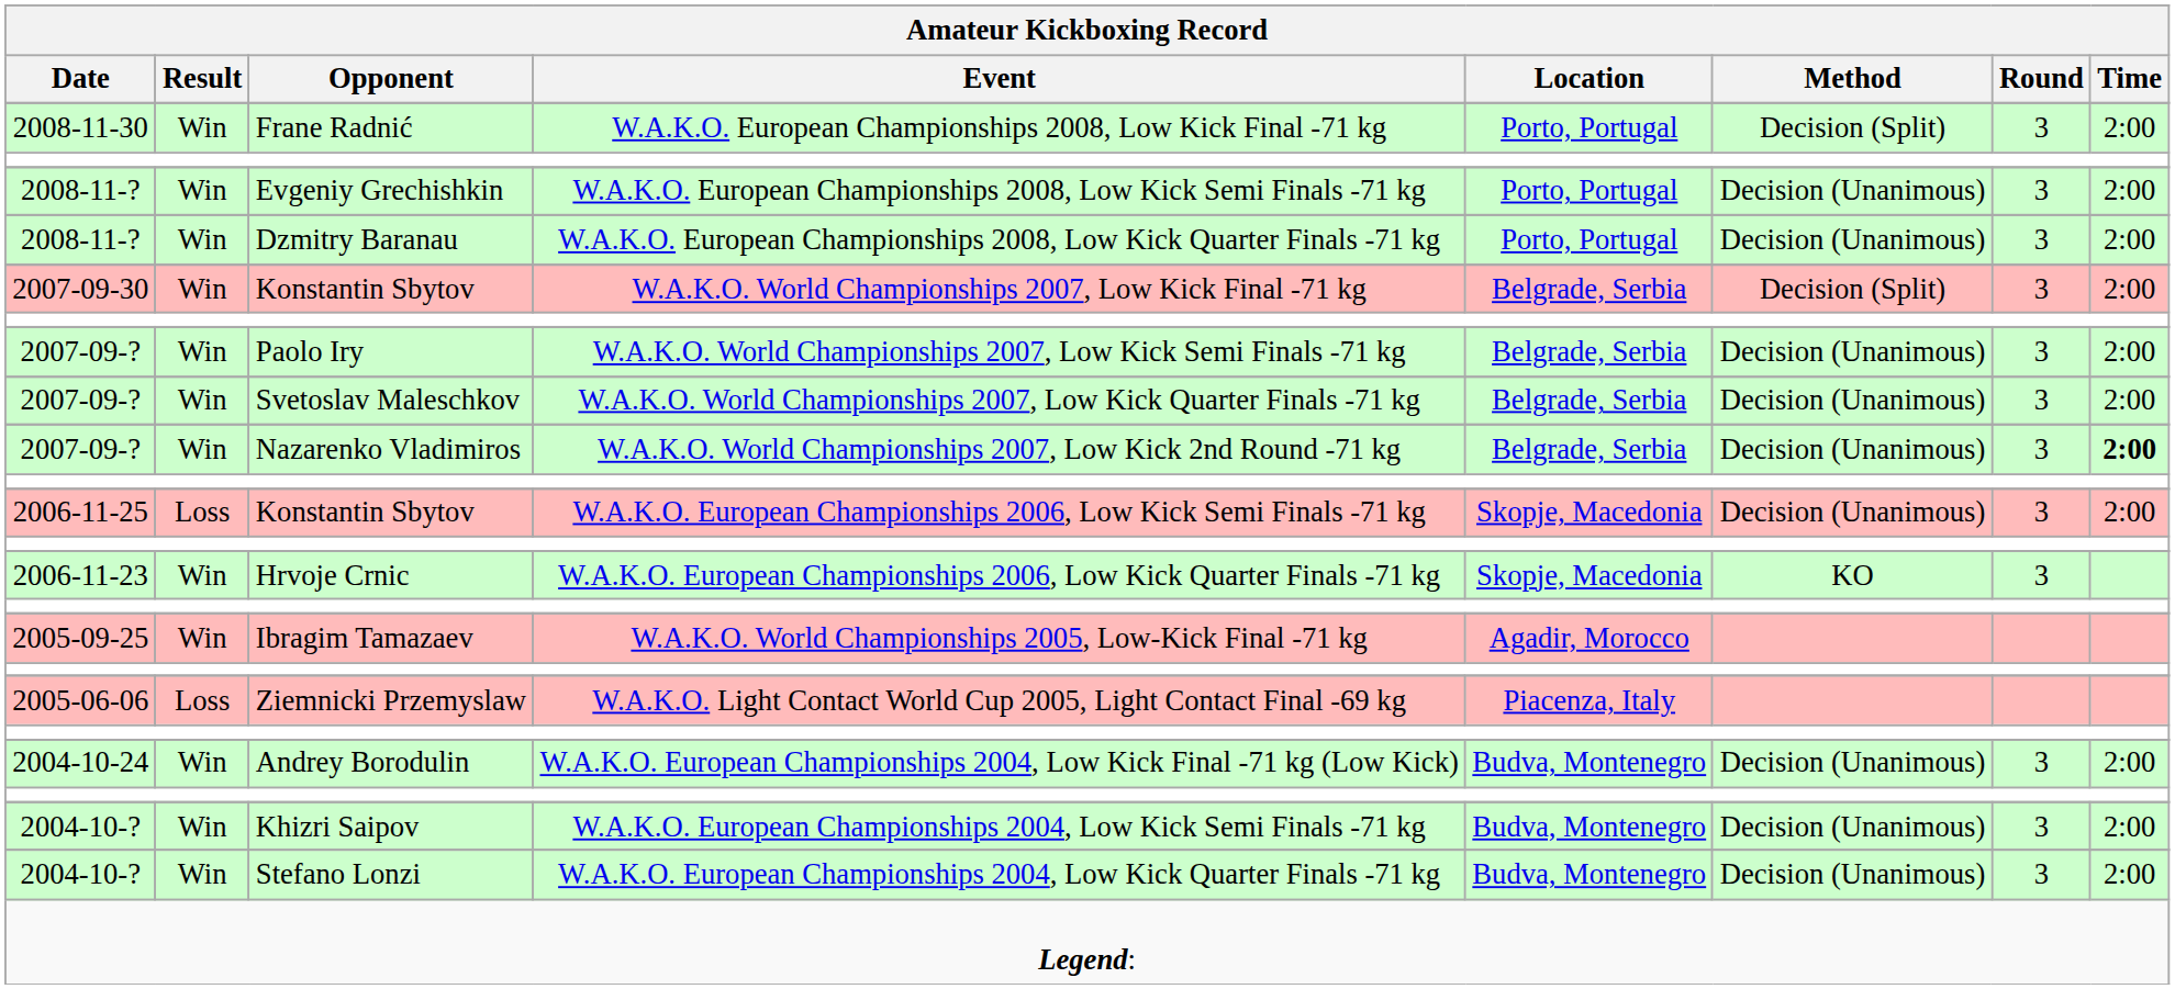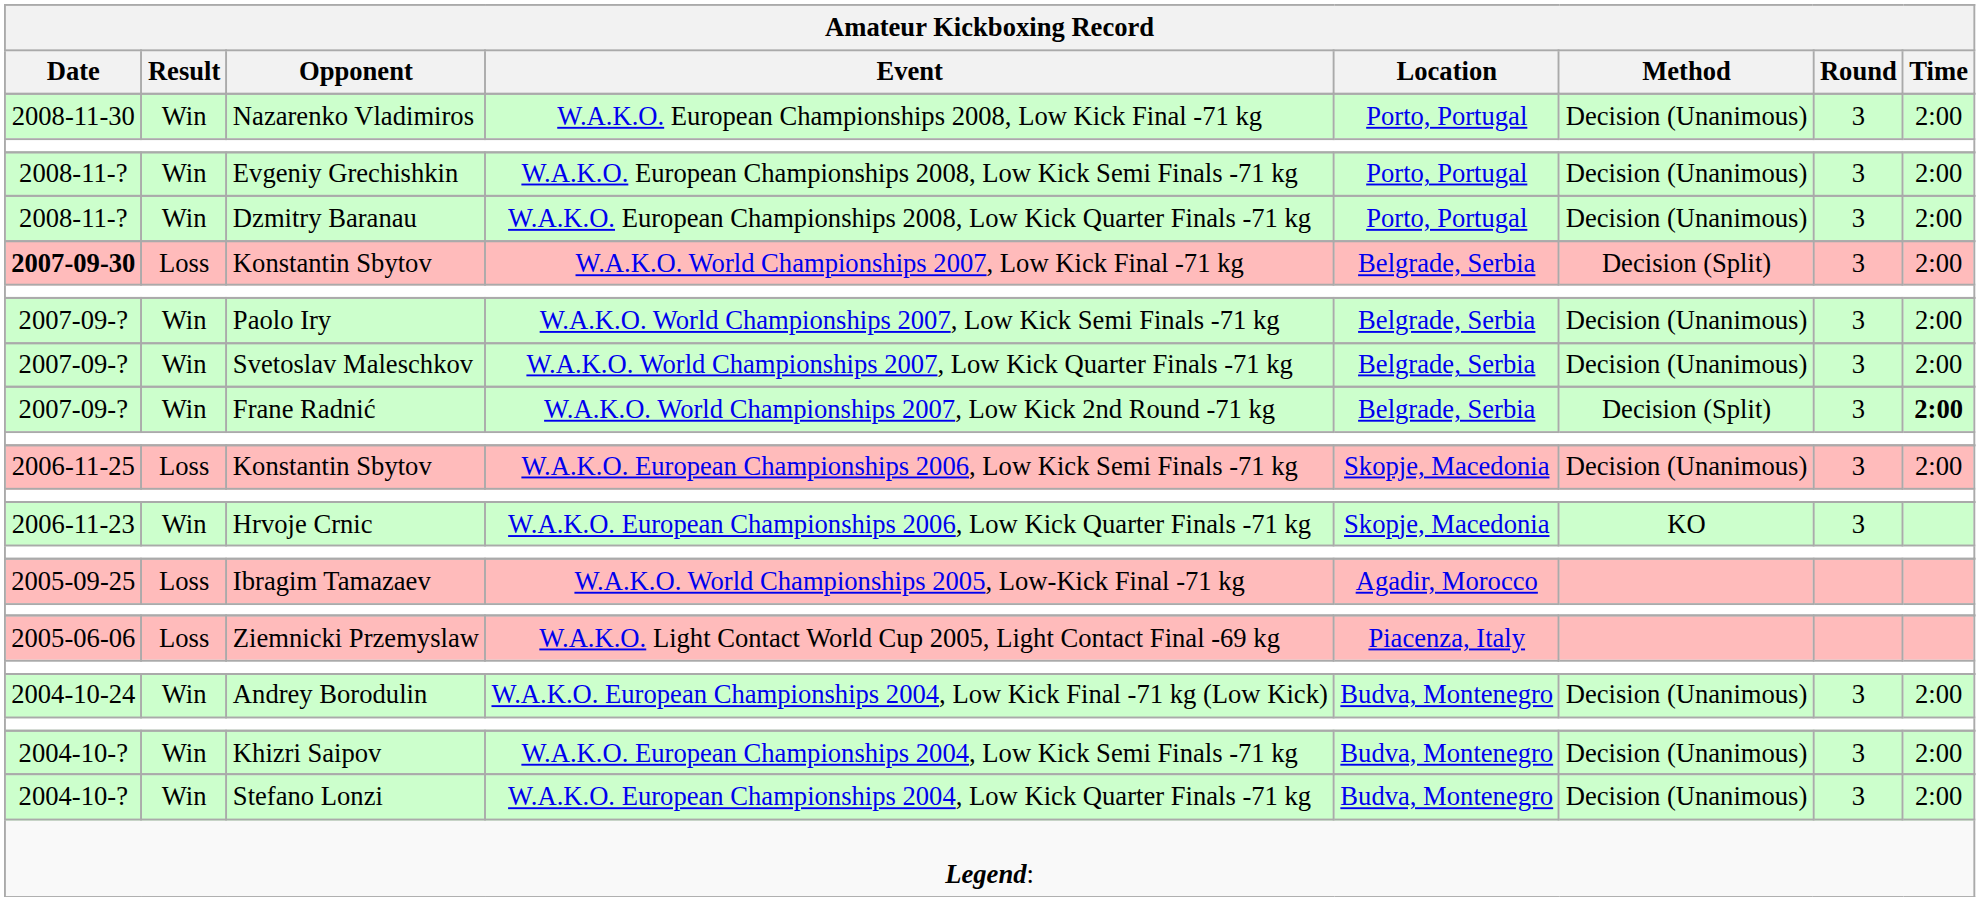 <table class="wikitable collapsible" style="text-align:center; font-size:88%;">
 <tr>
 <th colspan=8>Amateur Kickboxing Record</th>
 </tr>
 <tr>
 <th>Date</th>
 <th>Result</th>
 <th>Opponent</th>
 <th>Event</th>
 <th>Location</th>
 <th>Method</th>
 <th>Round</th>
 <th>Time</th>
 </tr>
 <tr>
 </tr>
 <tr bgcolor="#CCFFCC">
 <td>2008-11-30</td>
 <td>Win</td>
-<td align=left> Frane Radnić</td>
+<td align=left> Nazarenko Vladimiros</td>
 <td><a href='#'>W.A.K.O.</a> European Championships 2008, Low Kick Final -71 kg</td>
 <td><a href='#'>Porto, Portugal</a></td>
-<td>Decision (Split)</td>
+<td>Decision (Unanimous)</td>
 <td>3</td>
 <td>2:00</td>
 </tr>
 <tr>
 <th style=background:white colspan=9></th>
 </tr>
 <tr>
 </tr>
 <tr bgcolor="#CCFFCC">
 <td>2008-11-?</td>
 <td>Win</td>
 <td align=left> Evgeniy Grechishkin</td>
 <td><a href='#'>W.A.K.O.</a> European Championships 2008, Low Kick Semi Finals -71 kg</td>
 <td><a href='#'>Porto, Portugal</a></td>
 <td>Decision (Unanimous)</td>
 <td>3</td>
 <td>2:00</td>
 </tr>
 <tr>
 </tr>
 <tr bgcolor="#CCFFCC">
 <td>2008-11-?</td>
 <td>Win</td>
 <td align=left> Dzmitry Baranau</td>
 <td><a href='#'>W.A.K.O.</a> European Championships 2008, Low Kick Quarter Finals -71 kg</td>
 <td><a href='#'>Porto, Portugal</a></td>
 <td>Decision (Unanimous)</td>
 <td>3</td>
 <td>2:00</td>
 </tr>
 <tr>
 </tr>
 <tr bgcolor="#FFBBBB">
-<td>2007-09-30</td>
-<td>Win</td>
+<td><strong>2007-09-30</strong></td>
+<td>Loss</td>
 <td align=left> Konstantin Sbytov</td>
 <td><a href='#'>W.A.K.O. World Championships 2007</a>, Low Kick Final -71 kg</td>
 <td><a href='#'>Belgrade, Serbia</a></td>
 <td>Decision (Split)</td>
 <td>3</td>
 <td>2:00</td>
 </tr>
 <tr>
 <th style=background:white colspan=9></th>
 </tr>
 <tr>
 </tr>
 <tr bgcolor="#CCFFCC">
 <td>2007-09-?</td>
 <td>Win</td>
 <td align=left> Paolo Iry</td>
 <td><a href='#'>W.A.K.O. World Championships 2007</a>, Low Kick Semi Finals -71 kg</td>
 <td><a href='#'>Belgrade, Serbia</a></td>
 <td>Decision (Unanimous)</td>
 <td>3</td>
 <td>2:00</td>
 </tr>
 <tr>
 </tr>
 <tr bgcolor="#CCFFCC">
 <td>2007-09-?</td>
 <td>Win</td>
 <td align=left> Svetoslav Maleschkov</td>
 <td><a href='#'>W.A.K.O. World Championships 2007</a>, Low Kick Quarter Finals -71 kg</td>
 <td><a href='#'>Belgrade, Serbia</a></td>
 <td>Decision (Unanimous)</td>
 <td>3</td>
 <td>2:00</td>
 </tr>
 <tr>
 </tr>
 <tr bgcolor="#CCFFCC">
 <td>2007-09-?</td>
 <td>Win</td>
-<td align=left> Nazarenko Vladimiros</td>
+<td align=left> Frane Radnić</td>
 <td><a href='#'>W.A.K.O. World Championships 2007</a>, Low Kick 2nd Round -71 kg</td>
 <td><a href='#'>Belgrade, Serbia</a></td>
-<td>Decision (Unanimous)</td>
+<td>Decision (Split)</td>
 <td>3</td>
 <td><strong>2:00</strong></td>
 </tr>
 <tr>
 <th style=background:white colspan=9></th>
 </tr>
 <tr>
 </tr>
 <tr bgcolor="#FFBBBB">
 <td>2006-11-25</td>
 <td>Loss</td>
 <td align=left> Konstantin Sbytov</td>
 <td><a href='#'>W.A.K.O. European Championships 2006</a>, Low Kick Semi Finals -71 kg</td>
 <td><a href='#'>Skopje, Macedonia</a></td>
 <td>Decision (Unanimous)</td>
 <td>3</td>
 <td>2:00</td>
 </tr>
 <tr>
 <th style=background:white colspan=9></th>
 </tr>
 <tr>
 </tr>
 <tr bgcolor="#CCFFCC">
 <td>2006-11-23</td>
 <td>Win</td>
 <td align=left> Hrvoje Crnic</td>
 <td><a href='#'>W.A.K.O. European Championships 2006</a>, Low Kick Quarter Finals -71 kg</td>
 <td><a href='#'>Skopje, Macedonia</a></td>
 <td>KO</td>
 <td>3</td>
 <td></td>
 </tr>
 <tr>
 <th style=background:white colspan=9></th>
 </tr>
 <tr>
 </tr>
 <tr bgcolor="#FFBBBB">
 <td>2005-09-25</td>
-<td>Win</td>
+<td>Loss</td>
 <td align=left> Ibragim Tamazaev</td>
 <td><a href='#'>W.A.K.O. World Championships 2005</a>, Low-Kick Final -71 kg</td>
 <td><a href='#'>Agadir, Morocco</a></td>
 <td></td>
 <td></td>
 <td></td>
 </tr>
 <tr>
 <th style=background:white colspan=9></th>
 </tr>
 <tr>
 </tr>
 <tr bgcolor="#FFBBBB">
 <td>2005-06-06</td>
 <td>Loss</td>
 <td align=left> Ziemnicki Przemyslaw</td>
 <td><a href='#'>W.A.K.O.</a> Light Contact World Cup 2005, Light Contact Final -69 kg</td>
 <td><a href='#'>Piacenza, Italy</a></td>
 <td></td>
 <td></td>
 <td></td>
 </tr>
 <tr>
 <th style=background:white colspan=9></th>
 </tr>
 <tr>
 </tr>
 <tr bgcolor="#CCFFCC">
 <td>2004-10-24</td>
 <td>Win</td>
 <td align=left> Andrey Borodulin</td>
 <td><a href='#'>W.A.K.O. European Championships 2004</a>, Low Kick Final -71 kg (Low Kick)</td>
 <td><a href='#'>Budva, Montenegro</a></td>
 <td>Decision (Unanimous)</td>
 <td>3</td>
 <td>2:00</td>
 </tr>
 <tr>
 <th style=background:white colspan=9></th>
 </tr>
 <tr>
 </tr>
 <tr bgcolor="#CCFFCC">
 <td>2004-10-?</td>
 <td>Win</td>
 <td align=left> Khizri Saipov</td>
 <td><a href='#'>W.A.K.O. European Championships 2004</a>, Low Kick Semi Finals -71 kg</td>
 <td><a href='#'>Budva, Montenegro</a></td>
 <td>Decision (Unanimous)</td>
 <td>3</td>
 <td>2:00</td>
 </tr>
 <tr>
 </tr>
 <tr bgcolor="#CCFFCC">
 <td>2004-10-?</td>
 <td>Win</td>
 <td align=left> Stefano Lonzi</td>
 <td><a href='#'>W.A.K.O. European Championships 2004</a>, Low Kick Quarter Finals -71 kg</td>
 <td><a href='#'>Budva, Montenegro</a></td>
 <td>Decision (Unanimous)</td>
 <td>3</td>
 <td>2:00</td>
 </tr>
 <tr>
 <td colspan=8><br><strong><em>Legend</em></strong>:    </td>
 </tr>
 </table>
